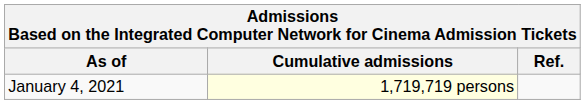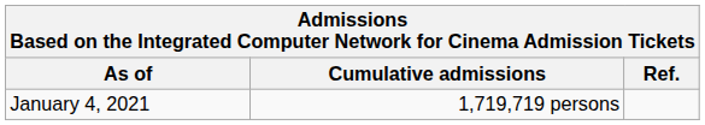 <table class="wikitable sortable">
 <tr>
 <th colspan="3">Admissions<br>Based on the Integrated Computer Network for Cinema Admission Tickets</th>
 </tr>
 <tr>
 <th>As of</th>
 <th>Cumulative admissions</th>
 <th class="unsortable">Ref.</th>
 </tr>
 <tr>
 <td>January 4, 2021</td>
-<td style="background: lightyellow; text-align:right;">1,719,719 persons</td>
+<td style="text-align:right;">1,719,719 persons</td>
 <td></td>
 </tr>
 </table>
